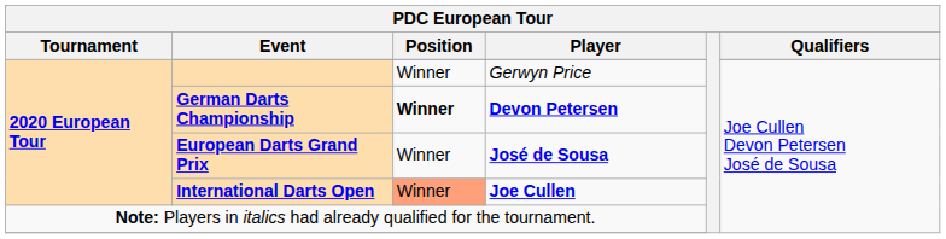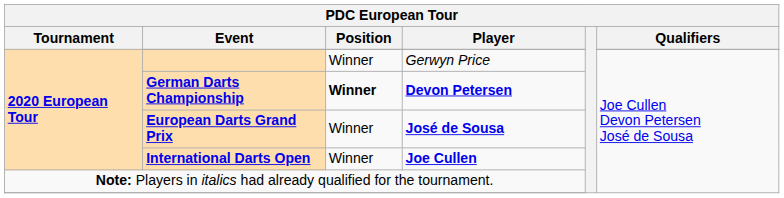 <table class="wikitable">
 <tr>
 <th colspan=6>PDC European Tour</th>
 </tr>
 <tr>
 <th width=150>Tournament</th>
 <th width=200>Event</th>
 <th width=80>Position</th>
 <th width=200>Player</th>
 <th rowspan=16 width=6></th>
 <th width=200>Qualifiers</th>
 </tr>
 <tr>
 <td rowspan=5 style="background:#ffdead;"><strong><a href='#'>2020 European Tour</a></strong></td>
 </tr>
 <tr>
 <td style="background:#ffdead;"></td>
 <td>Winner</td>
 <td> <em>Gerwyn Price</em></td>
 <td rowspan=6> <a href='#'>Joe Cullen</a><br> <a href='#'>Devon Petersen</a><br> <a href='#'>José de Sousa</a> </td>
 </tr>
 <tr>
 <td style="background:#ffdead;"><strong><a href='#'>German Darts Championship</a></strong></td>
 <td><strong>Winner</strong></td>
 <td> <strong><a href='#'>Devon Petersen</a></strong></td>
 </tr>
 <tr>
 <td style="background:#ffdead;"><strong><a href='#'>European Darts Grand Prix</a></strong></td>
 <td>Winner</td>
 <td> <strong><a href='#'>José de Sousa</a></strong></td>
 </tr>
 <tr>
 <td style="background:#ffdead;"><strong><a href='#'>International Darts Open</a></strong></td>
-<td style="background: lightsalmon;">Winner</td>
+<td>Winner</td>
 <td> <strong><a href='#'>Joe Cullen</a></strong></td>
 </tr>
 <tr>
 <td colspan=4 align=center><strong>Note:</strong> Players in <em>italics</em> had already qualified for the tournament.</td>
 </tr>
 <tr>
 </tr>
 </table>
